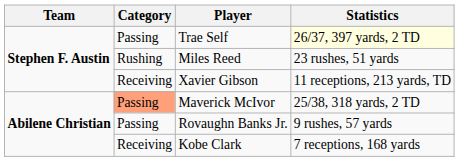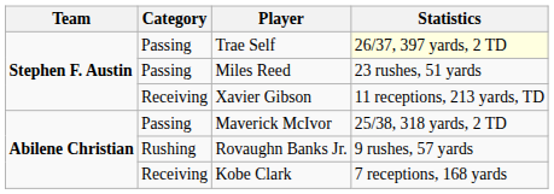 <table class="wikitable" style="float: left;">
 <tr>
 <th>Team</th>
 <th>Category</th>
 <th>Player</th>
 <th>Statistics</th>
 </tr>
 <tr>
 <td rowspan=3><strong>Stephen F. Austin</strong></td>
 <td>Passing</td>
 <td>Trae Self</td>
 <td style="background: lightyellow;">26/37, 397 yards, 2 TD</td>
 </tr>
 <tr>
-<td>Rushing</td>
+<td>Passing</td>
 <td>Miles Reed</td>
 <td>23 rushes, 51 yards</td>
 </tr>
 <tr>
 <td>Receiving</td>
 <td>Xavier Gibson</td>
 <td>11 receptions, 213 yards, TD</td>
 </tr>
 <tr>
 <td rowspan=3><strong>Abilene Christian</strong></td>
-<td style="background: lightsalmon;">Passing</td>
+<td>Passing</td>
 <td>Maverick McIvor</td>
 <td>25/38, 318 yards, 2 TD</td>
 </tr>
 <tr>
-<td>Passing</td>
+<td>Rushing</td>
 <td>Rovaughn Banks Jr.</td>
 <td>9 rushes, 57 yards</td>
 </tr>
 <tr>
 <td>Receiving</td>
 <td>Kobe Clark</td>
 <td>7 receptions, 168 yards</td>
 </tr>
 </table>
